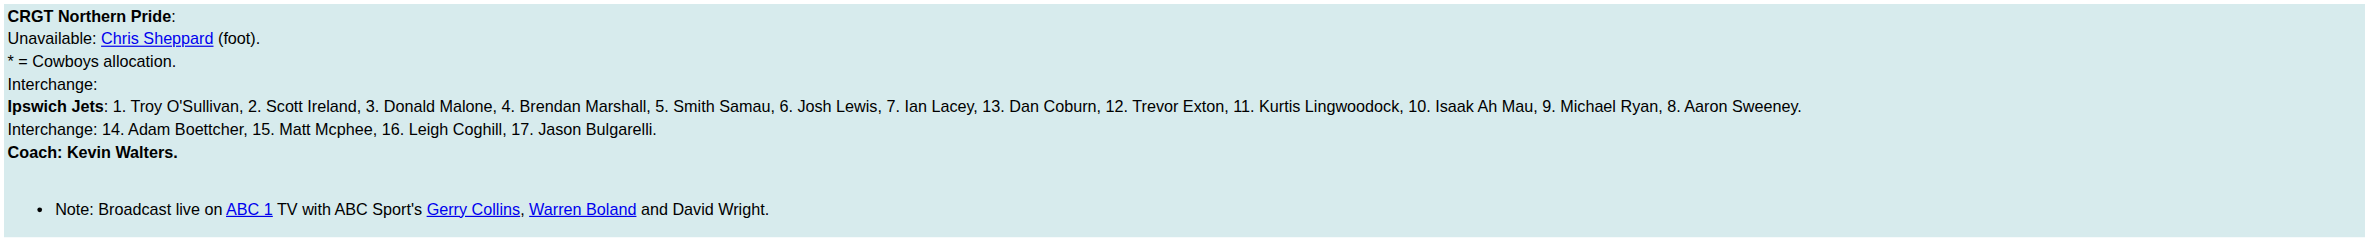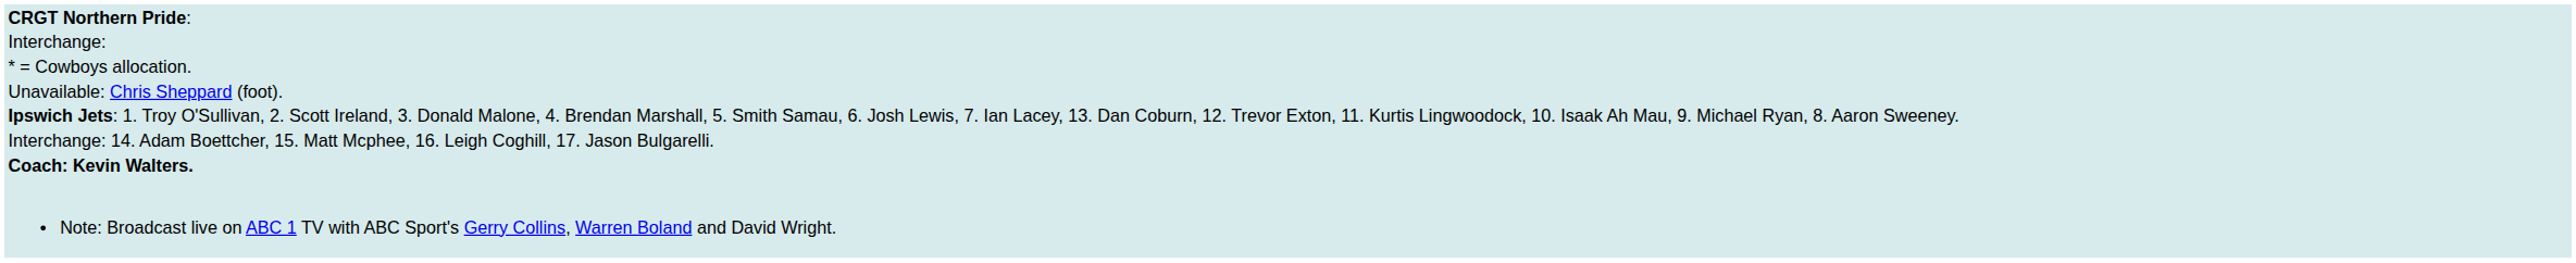 <table style="background:#d7ebed; font-size:85%; width:100%;">
 <tr>
 <td><strong>CRGT Northern Pride</strong>:             </td>
 </tr>
 <tr>
-<td>Unavailable: <a href='#'>Chris Sheppard</a> (foot).</td>
+<td>Interchange:    </td>
 </tr>
 <tr>
 <td>* = Cowboys allocation.</td>
 </tr>
 <tr>
-<td>Interchange:    </td>
+<td>Unavailable: <a href='#'>Chris Sheppard</a> (foot).</td>
 </tr>
 <tr>
 <td><strong>Ipswich Jets</strong>: 1. Troy O'Sullivan, 2. Scott Ireland, 3. Donald Malone, 4. Brendan Marshall, 5. Smith Samau, 6. Josh Lewis, 7. Ian Lacey, 13. Dan Coburn, 12. Trevor Exton, 11. Kurtis Lingwoodock, 10. Isaak Ah Mau, 9. Michael Ryan, 8. Aaron Sweeney.</td>
 </tr>
 <tr>
 <td>Interchange: 14. Adam Boettcher, 15. Matt Mcphee, 16. Leigh Coghill, 17. Jason Bulgarelli.</td>
 </tr>
 <tr>
 <td><strong>Coach: Kevin Walters.</strong></td>
 </tr>
 <tr>
 <td><br><ul><li>Note: Broadcast live on <a href='#'>ABC 1</a> TV with ABC Sport's <a href='#'>Gerry Collins</a>, <a href='#'>Warren Boland</a> and David Wright.</li></ul></td>
 </tr>
 </table>
